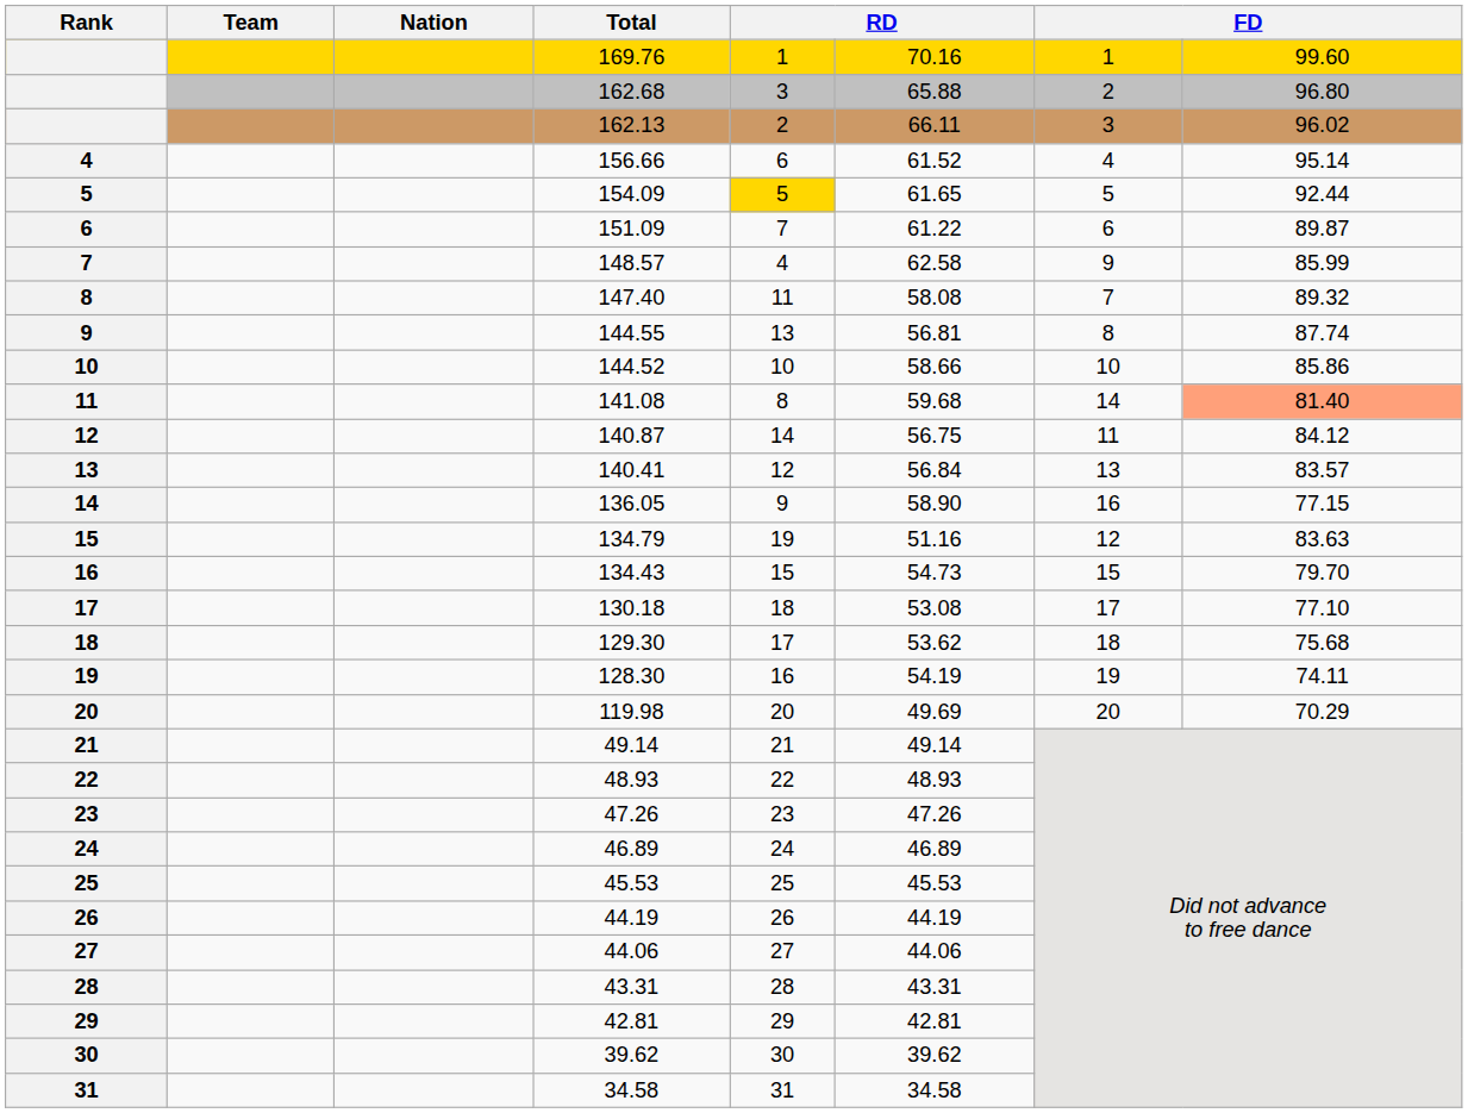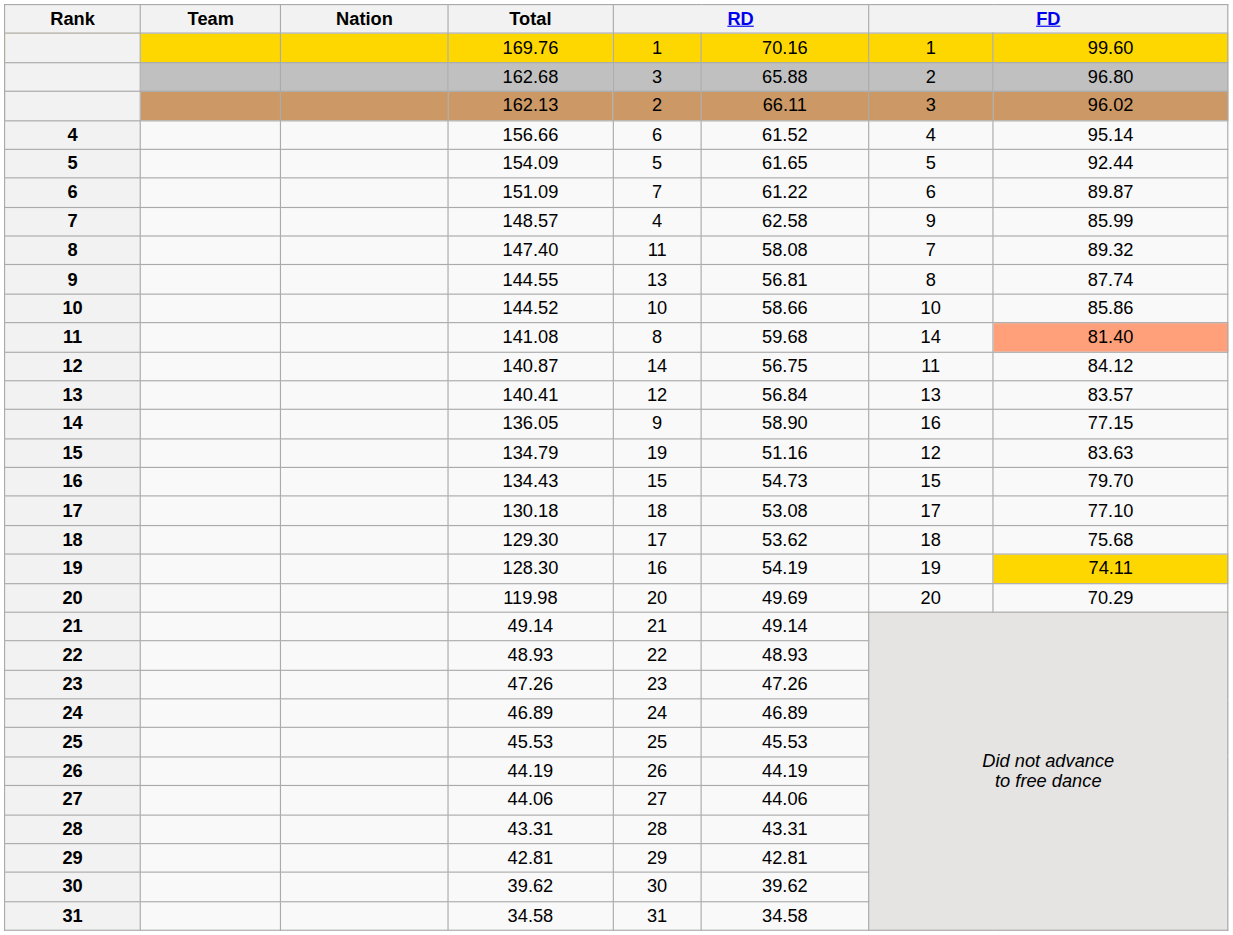 <table class="wikitable sortable" style="text-align:center; width:85%">
 <tr>
 <th scope="col">Rank</th>
 <th scope="col">Team</th>
 <th scope="col">Nation</th>
 <th scope="col">Total</th>
 <th colspan="2" width="80px"><a href='#'>RD</a></th>
 <th colspan="2" width="80px"><a href='#'>FD</a></th>
 </tr>
 <tr bgcolor="gold">
 <th scope="row"></th>
 <td align="left"></td>
 <td align="left"></td>
 <td>169.76</td>
 <td>1</td>
 <td>70.16</td>
 <td>1</td>
 <td>99.60</td>
 </tr>
 <tr bgcolor="silver">
 <th scope="row"></th>
 <td align="left"></td>
 <td align="left"></td>
 <td>162.68</td>
 <td>3</td>
 <td>65.88</td>
 <td>2</td>
 <td>96.80</td>
 </tr>
 <tr bgcolor="#cc9966">
 <th scope="row"></th>
 <td align="left"></td>
 <td align="left"></td>
 <td>162.13</td>
 <td>2</td>
 <td>66.11</td>
 <td>3</td>
 <td>96.02</td>
 </tr>
 <tr>
 <th scope="row">4</th>
 <td align="left"></td>
 <td align="left"></td>
 <td>156.66</td>
 <td>6</td>
 <td>61.52</td>
 <td>4</td>
 <td>95.14</td>
 </tr>
 <tr>
 <th scope="row">5</th>
 <td align="left"></td>
 <td align="left"></td>
 <td>154.09</td>
-<td style="background: gold;">5</td>
+<td>5</td>
 <td>61.65</td>
 <td>5</td>
 <td>92.44</td>
 </tr>
 <tr>
 <th scope="row">6</th>
 <td align="left"></td>
 <td align="left"></td>
 <td>151.09</td>
 <td>7</td>
 <td>61.22</td>
 <td>6</td>
 <td>89.87</td>
 </tr>
 <tr>
 <th scope="row">7</th>
 <td align="left"></td>
 <td align="left"></td>
 <td>148.57</td>
 <td>4</td>
 <td>62.58</td>
 <td>9</td>
 <td>85.99</td>
 </tr>
 <tr>
 <th scope="row">8</th>
 <td align="left"></td>
 <td align="left"></td>
 <td>147.40</td>
 <td>11</td>
 <td>58.08</td>
 <td>7</td>
 <td>89.32</td>
 </tr>
 <tr>
 <th scope="row">9</th>
 <td align="left"></td>
 <td align="left"></td>
 <td>144.55</td>
 <td>13</td>
 <td>56.81</td>
 <td>8</td>
 <td>87.74</td>
 </tr>
 <tr>
 <th scope="row">10</th>
 <td align="left"></td>
 <td align="left"></td>
 <td>144.52</td>
 <td>10</td>
 <td>58.66</td>
 <td>10</td>
 <td>85.86</td>
 </tr>
 <tr>
 <th scope="row">11</th>
 <td align="left"></td>
 <td align="left"></td>
 <td>141.08</td>
 <td>8</td>
 <td>59.68</td>
 <td>14</td>
 <td style="background: lightsalmon;">81.40</td>
 </tr>
 <tr>
 <th scope="row">12</th>
 <td align="left"></td>
 <td align="left"></td>
 <td>140.87</td>
 <td>14</td>
 <td>56.75</td>
 <td>11</td>
 <td>84.12</td>
 </tr>
 <tr>
 <th scope="row">13</th>
 <td align="left"></td>
 <td align="left"></td>
 <td>140.41</td>
 <td>12</td>
 <td>56.84</td>
 <td>13</td>
 <td>83.57</td>
 </tr>
 <tr>
 <th scope="row">14</th>
 <td align="left"></td>
 <td align="left"></td>
 <td>136.05</td>
 <td>9</td>
 <td>58.90</td>
 <td>16</td>
 <td>77.15</td>
 </tr>
 <tr>
 <th scope="row">15</th>
 <td align="left"></td>
 <td align="left"></td>
 <td>134.79</td>
 <td>19</td>
 <td>51.16</td>
 <td>12</td>
 <td>83.63</td>
 </tr>
 <tr>
 <th scope="row">16</th>
 <td align="left"></td>
 <td align="left"></td>
 <td>134.43</td>
 <td>15</td>
 <td>54.73</td>
 <td>15</td>
 <td>79.70</td>
 </tr>
 <tr>
 <th scope="row">17</th>
 <td align="left"></td>
 <td align="left"></td>
 <td>130.18</td>
 <td>18</td>
 <td>53.08</td>
 <td>17</td>
 <td>77.10</td>
 </tr>
 <tr>
 <th scope="row">18</th>
 <td align="left"></td>
 <td align="left"></td>
 <td>129.30</td>
 <td>17</td>
 <td>53.62</td>
 <td>18</td>
 <td>75.68</td>
 </tr>
 <tr>
 <th scope="row">19</th>
 <td align="left"></td>
 <td align="left"></td>
 <td>128.30</td>
 <td>16</td>
 <td>54.19</td>
 <td>19</td>
-<td>74.11</td>
+<td style="background: gold;">74.11</td>
 </tr>
 <tr>
 <th scope="row">20</th>
 <td align="left"></td>
 <td align="left"></td>
 <td>119.98</td>
 <td>20</td>
 <td>49.69</td>
 <td>20</td>
 <td>70.29</td>
 </tr>
 <tr>
 <th scope="row">21</th>
 <td align="left"></td>
 <td align="left"></td>
 <td>49.14</td>
 <td>21</td>
 <td>49.14</td>
 <td colspan="2" rowspan="11" bgcolor="e5e4e2"><em>Did not advance<br>to free dance</em></td>
 </tr>
 <tr>
 <th scope="row">22</th>
 <td align="left"></td>
 <td align="left"></td>
 <td>48.93</td>
 <td>22</td>
 <td>48.93</td>
 </tr>
 <tr>
 <th scope="row">23</th>
 <td align="left"></td>
 <td align="left"></td>
 <td>47.26</td>
 <td>23</td>
 <td>47.26</td>
 </tr>
 <tr>
 <th scope="row">24</th>
 <td align="left"></td>
 <td align="left"></td>
 <td>46.89</td>
 <td>24</td>
 <td>46.89</td>
 </tr>
 <tr>
 <th scope="row">25</th>
 <td align="left"></td>
 <td align="left"></td>
 <td>45.53</td>
 <td>25</td>
 <td>45.53</td>
 </tr>
 <tr>
 <th scope="row">26</th>
 <td align="left"></td>
 <td align="left"></td>
 <td>44.19</td>
 <td>26</td>
 <td>44.19</td>
 </tr>
 <tr>
 <th scope="row">27</th>
 <td align="left"></td>
 <td align="left"></td>
 <td>44.06</td>
 <td>27</td>
 <td>44.06</td>
 </tr>
 <tr>
 <th scope="row">28</th>
 <td align="left"></td>
 <td align="left"></td>
 <td>43.31</td>
 <td>28</td>
 <td>43.31</td>
 </tr>
 <tr>
 <th scope="row">29</th>
 <td align="left"></td>
 <td align="left"></td>
 <td>42.81</td>
 <td>29</td>
 <td>42.81</td>
 </tr>
 <tr>
 <th scope="row">30</th>
 <td align="left"></td>
 <td align="left"></td>
 <td>39.62</td>
 <td>30</td>
 <td>39.62</td>
 </tr>
 <tr>
 <th scope="row">31</th>
 <td align="left"></td>
 <td align="left"></td>
 <td>34.58</td>
 <td>31</td>
 <td>34.58</td>
 </tr>
 </table>
